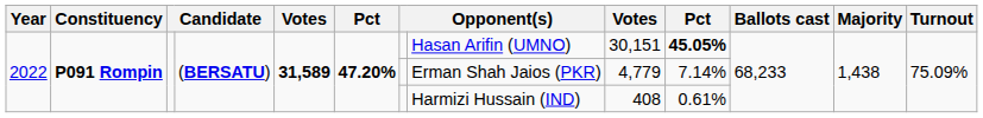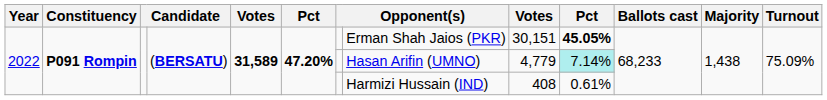 <table class="wikitable" style="margin:0.5em ; font-size:95%">
 <tr>
 <th>Year</th>
 <th>Constituency</th>
 <th colspan=2>Candidate</th>
 <th>Votes</th>
 <th>Pct</th>
 <th colspan=2>Opponent(s)</th>
 <th>Votes</th>
 <th>Pct</th>
 <th>Ballots cast</th>
 <th>Majority</th>
 <th>Turnout</th>
 </tr>
 <tr>
 <td rowspan=3><a href='#'>2022</a></td>
 <td rowspan=3><strong>P091 <a href='#'>Rompin</a></strong></td>
 <td rowspan=3 bgcolor=></td>
 <td rowspan=3> (<a href='#'><strong>BERSATU</strong></a>)</td>
 <td rowspan=3 align="right"><strong>31,589</strong></td>
 <td rowspan=3><strong>47.20%</strong></td>
 <td></td>
-<td><a href='#'>Hasan Arifin</a> (<a href='#'>UMNO</a>)</td>
+<td>Erman Shah Jaios (<a href='#'>PKR</a>)</td>
 <td align="right">30,151</td>
 <td><strong>45.05%</strong></td>
 <td rowspan=3>68,233</td>
 <td rowspan=3>1,438</td>
 <td rowspan=3>75.09%</td>
 </tr>
 <tr>
 <td></td>
-<td>Erman Shah Jaios (<a href='#'>PKR</a>)</td>
+<td><a href='#'>Hasan Arifin</a> (<a href='#'>UMNO</a>)</td>
 <td align="right">4,779</td>
-<td align="right">7.14%</td>
+<td align="right" style="background: paleturquoise;">7.14%</td>
 </tr>
 <tr>
 <td></td>
 <td>Harmizi Hussain (<a href='#'>IND</a>)</td>
 <td align="right">408</td>
 <td align="right">0.61%</td>
 </tr>
 </table>
